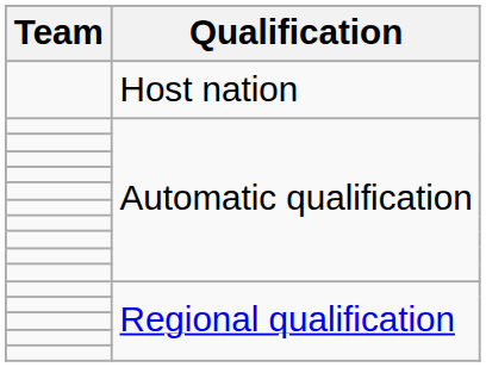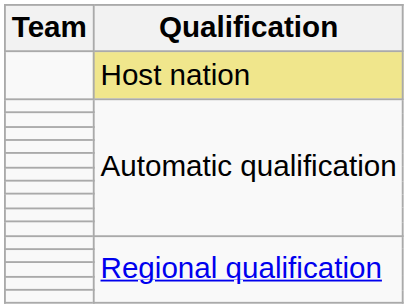 <table class="wikitable sortable">
 <tr>
 <th>Team</th>
 <th>Qualification</th>
 </tr>
 <tr>
 <td></td>
-<td>Host nation</td>
+<td style="background: khaki;">Host nation</td>
 </tr>
 <tr>
 <td></td>
 <td rowspan="10">Automatic qualification</td>
 </tr>
 <tr>
 <td></td>
 </tr>
 <tr>
 <td></td>
 </tr>
 <tr>
 <td></td>
 </tr>
 <tr>
 <td></td>
 </tr>
 <tr>
 <td></td>
 </tr>
 <tr>
 <td></td>
 </tr>
 <tr>
 <td></td>
 </tr>
 <tr>
 <td></td>
 </tr>
 <tr>
 <td></td>
 </tr>
 <tr>
 <td></td>
 <td rowspan="5"><a href='#'>Regional qualification</a></td>
 </tr>
 <tr>
 <td></td>
 </tr>
 <tr>
 <td></td>
 </tr>
 <tr>
 <td></td>
 </tr>
 <tr>
 <td></td>
 </tr>
 </table>
